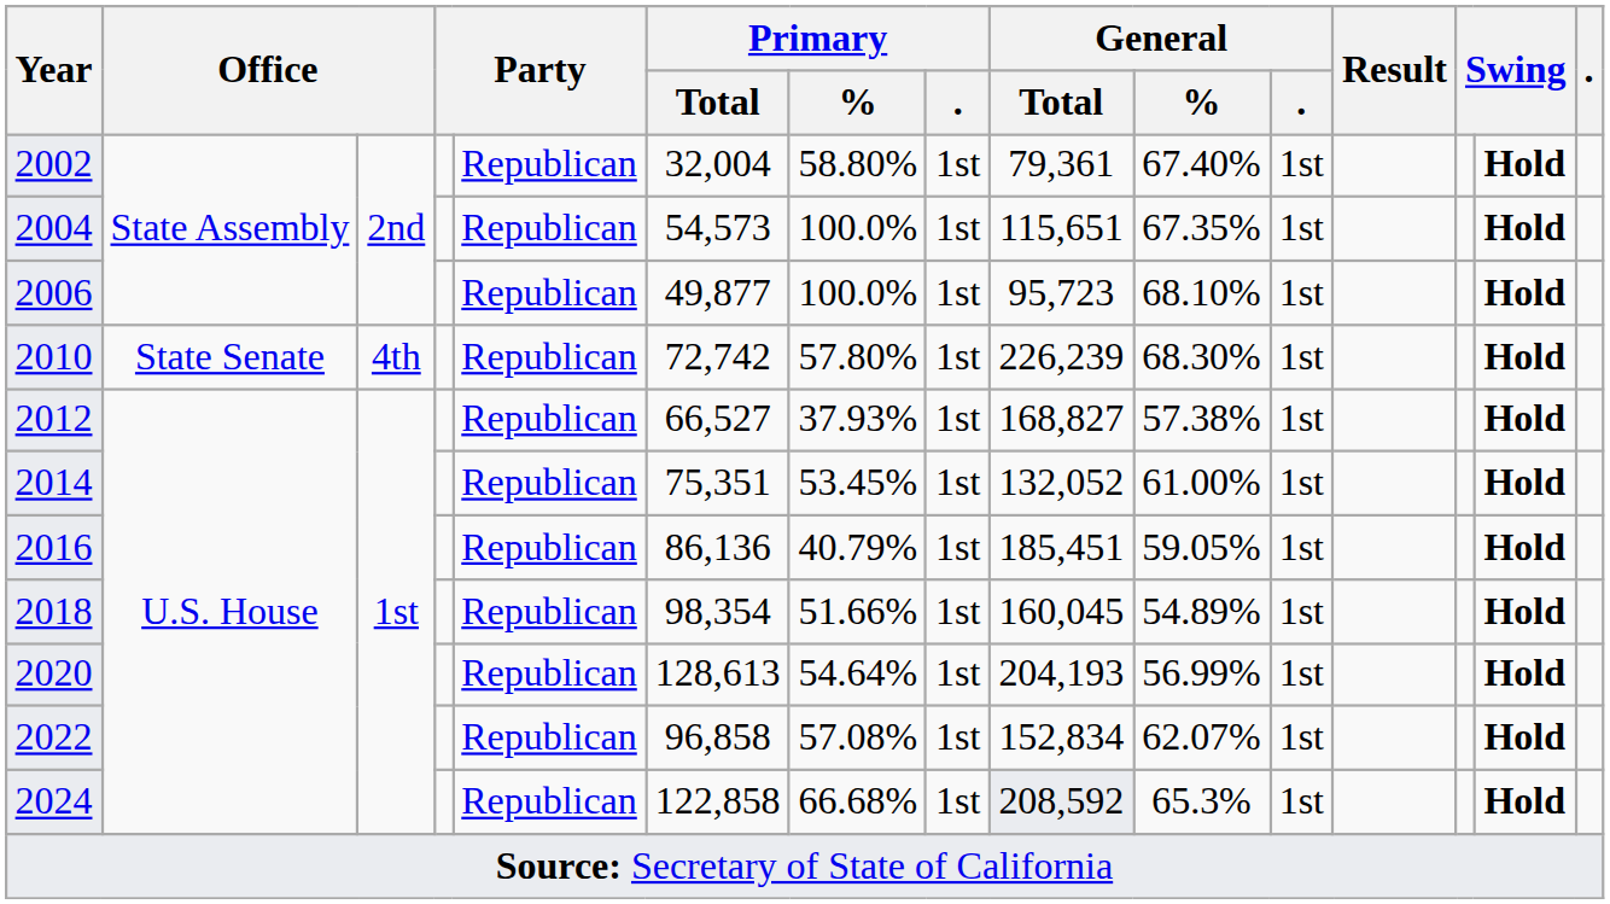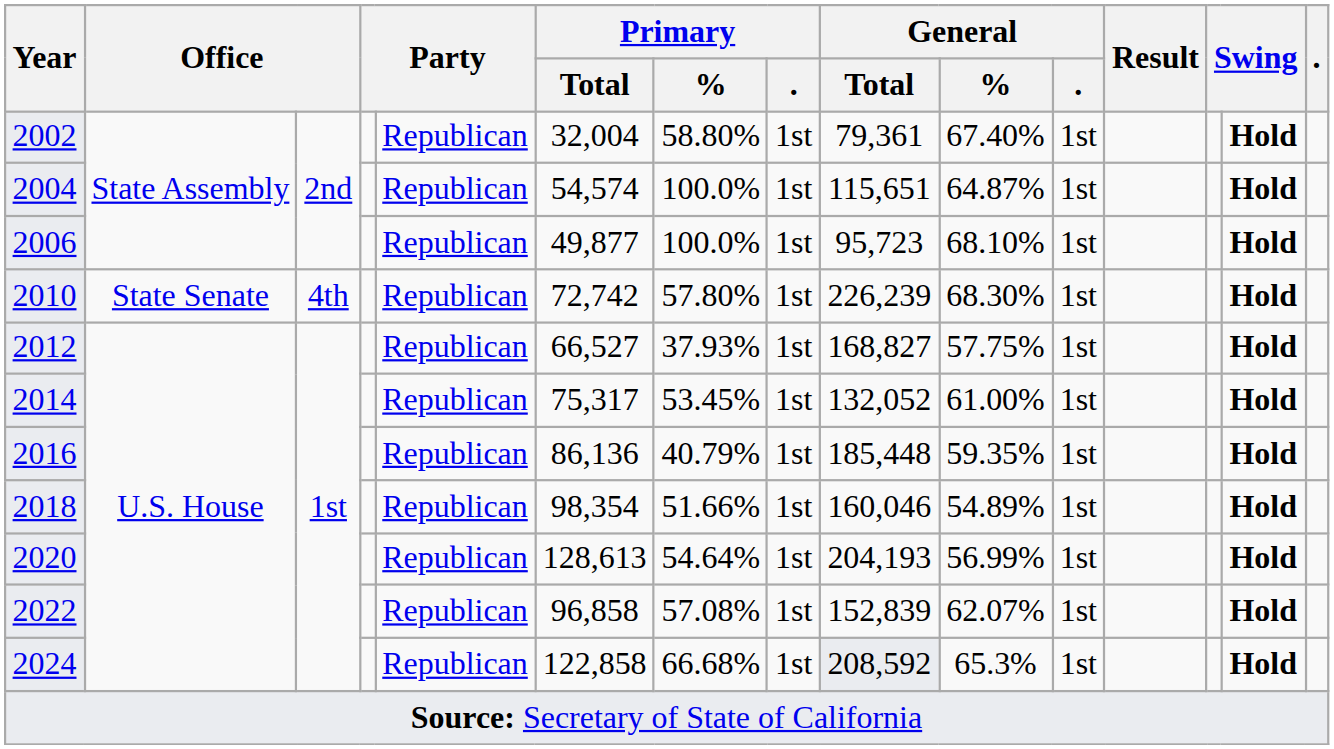 <table class="wikitable" style="font-size: 90%; text-align:center;">
 <tr>
 <th rowspan=2>Year</th>
 <th colspan=2 rowspan=2>Office</th>
 <th colspan=2 rowspan=2>Party</th>
 <th colspan=3><a href='#'>Primary</a></th>
 <th colspan=3>General</th>
 <th rowspan=2>Result</th>
 <th colspan=2 rowspan=2><a href='#'>Swing</a></th>
 <th rowspan=2>.</th>
 </tr>
 <tr>
 <th>Total</th>
 <th>%</th>
 <th>.</th>
 <th>Total</th>
 <th>%</th>
 <th>.</th>
 </tr>
 <tr>
 <td style="background-color:#EAECF0;"><a href='#'>2002</a></td>
 <td rowspan=3><a href='#'>State Assembly</a></td>
 <td rowspan=3><a href='#'>2nd</a></td>
 <td style="background-color:"></td>
 <td><a href='#'>Republican</a></td>
 <td>32,004</td>
 <td>58.80%</td>
 <td>1st</td>
 <td>79,361</td>
 <td>67.40%</td>
 <td>1st</td>
 <td></td>
 <td style="background-color:"></td>
 <td><strong>Hold</strong></td>
 <td></td>
 </tr>
 <tr>
 <td style="background-color:#EAECF0;"><a href='#'>2004</a></td>
 <td style="background-color:"></td>
 <td><a href='#'>Republican</a></td>
-<td>54,573</td>
+<td>54,574</td>
 <td>100.0%</td>
 <td>1st</td>
 <td>115,651</td>
-<td>67.35%</td>
+<td>64.87%</td>
 <td>1st</td>
 <td></td>
 <td style="background-color:"></td>
 <td><strong>Hold</strong></td>
 <td></td>
 </tr>
 <tr>
 <td style="background-color:#EAECF0;"><a href='#'>2006</a></td>
 <td style="background-color:"></td>
 <td><a href='#'>Republican</a></td>
 <td>49,877</td>
 <td>100.0%</td>
 <td>1st</td>
 <td>95,723</td>
 <td>68.10%</td>
 <td>1st</td>
 <td></td>
 <td style="background-color:"></td>
 <td><strong>Hold</strong></td>
 <td></td>
 </tr>
 <tr>
 <td style="background-color:#EAECF0;"><a href='#'>2010</a></td>
 <td><a href='#'>State Senate</a></td>
 <td><a href='#'>4th</a></td>
 <td style="background-color:"></td>
 <td><a href='#'>Republican</a></td>
 <td>72,742</td>
 <td>57.80%</td>
 <td>1st</td>
 <td>226,239</td>
 <td>68.30%</td>
 <td>1st</td>
 <td></td>
 <td style="background-color:"></td>
 <td><strong>Hold</strong></td>
 <td></td>
 </tr>
 <tr>
 <td style="background-color:#EAECF0;"><a href='#'>2012</a></td>
 <td rowspan=7><a href='#'>U.S. House</a></td>
 <td rowspan=7><a href='#'>1st</a></td>
 <td style="background-color:"></td>
 <td><a href='#'>Republican</a></td>
 <td>66,527</td>
 <td>37.93%</td>
 <td>1st</td>
 <td>168,827</td>
-<td>57.38%</td>
+<td>57.75%</td>
 <td>1st</td>
 <td></td>
 <td style="background-color:"></td>
 <td><strong>Hold</strong></td>
 <td></td>
 </tr>
 <tr>
 <td style="background-color:#EAECF0;"><a href='#'>2014</a></td>
 <td style="background-color:"></td>
 <td><a href='#'>Republican</a></td>
-<td>75,351</td>
+<td>75,317</td>
 <td>53.45%</td>
 <td>1st</td>
 <td>132,052</td>
 <td>61.00%</td>
 <td>1st</td>
 <td></td>
 <td style="background-color:"></td>
 <td><strong>Hold</strong></td>
 <td></td>
 </tr>
 <tr>
 <td style="background-color:#EAECF0;"><a href='#'>2016</a></td>
 <td style="background-color:"></td>
 <td><a href='#'>Republican</a></td>
 <td>86,136</td>
 <td>40.79%</td>
 <td>1st</td>
-<td>185,451</td>
-<td>59.05%</td>
+<td>185,448</td>
+<td>59.35%</td>
 <td>1st</td>
 <td></td>
 <td style="background-color:"></td>
 <td><strong>Hold</strong></td>
 <td></td>
 </tr>
 <tr>
 <td style="background-color:#EAECF0;"><a href='#'>2018</a></td>
 <td style="background-color:"></td>
 <td><a href='#'>Republican</a></td>
 <td>98,354</td>
 <td>51.66%</td>
 <td>1st</td>
-<td>160,045</td>
+<td>160,046</td>
 <td>54.89%</td>
 <td>1st</td>
 <td></td>
 <td style="background-color:"></td>
 <td><strong>Hold</strong></td>
 <td></td>
 </tr>
 <tr>
 <td style="background-color:#EAECF0;"><a href='#'>2020</a></td>
 <td style="background-color:"></td>
 <td><a href='#'>Republican</a></td>
 <td>128,613</td>
 <td>54.64%</td>
 <td>1st</td>
 <td>204,193</td>
 <td>56.99%</td>
 <td>1st</td>
 <td></td>
 <td style="background-color:"></td>
 <td><strong>Hold</strong></td>
 <td></td>
 </tr>
 <tr>
 <td style="background-color:#EAECF0;"><a href='#'>2022</a></td>
 <td style="background-color:"></td>
 <td><a href='#'>Republican</a></td>
 <td>96,858</td>
 <td>57.08%</td>
 <td>1st</td>
-<td>152,834</td>
+<td>152,839</td>
 <td>62.07%</td>
 <td>1st</td>
 <td></td>
 <td style="background-color:"></td>
 <td><strong>Hold</strong></td>
 <td></td>
 </tr>
 <tr>
 <td style="background-color:#EAECF0;"><a href='#'>2024</a></td>
 <td style="background-color:"></td>
 <td><a href='#'>Republican</a></td>
 <td>122,858</td>
 <td>66.68%</td>
 <td>1st</td>
 <td style="background-color:#EAECF0;">208,592</td>
 <td>65.3%</td>
 <td>1st</td>
 <td></td>
 <td style="background-color:"></td>
 <td><strong>Hold</strong></td>
 <td></td>
 </tr>
 <tr>
 <td style="background-color:#EAECF0;" colspan=15><strong>Source:</strong> <a href='#'>Secretary of State of California</a>  </td>
 </tr>
 </table>
